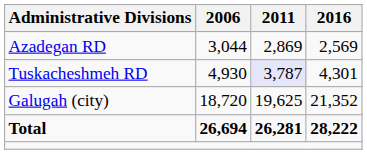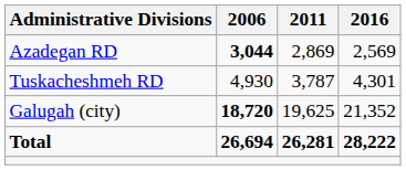 <table class="wikitable">
 <tr>
 <th>Administrative Divisions</th>
 <th>2006</th>
 <th>2011</th>
 <th>2016</th>
 </tr>
 <tr>
 <td><a href='#'>Azadegan RD</a></td>
-<td style="text-align: right;">3,044</td>
+<td style="text-align: right;"><strong>3,044</strong></td>
 <td style="text-align: right;">2,869</td>
 <td style="text-align: right;">2,569</td>
 </tr>
 <tr>
 <td><a href='#'>Tuskacheshmeh RD</a></td>
 <td style="text-align: right;">4,930</td>
-<td style="background: lavender; text-align: right;">3,787</td>
+<td style="text-align: right;">3,787</td>
 <td style="text-align: right;">4,301</td>
 </tr>
 <tr>
 <td><a href='#'>Galugah</a> (city)</td>
-<td style="text-align: right;">18,720</td>
+<td style="text-align: right;"><strong>18,720</strong></td>
 <td style="text-align: right;">19,625</td>
 <td style="text-align: right;">21,352</td>
 </tr>
 <tr>
 <td><strong>Total</strong></td>
 <td style="text-align: right;"><strong>26,694</strong></td>
 <td style="text-align: right;"><strong>26,281</strong></td>
 <td style="text-align: right;"><strong>28,222</strong></td>
 </tr>
 <tr>
 <td colspan=4></td>
 </tr>
 </table>
